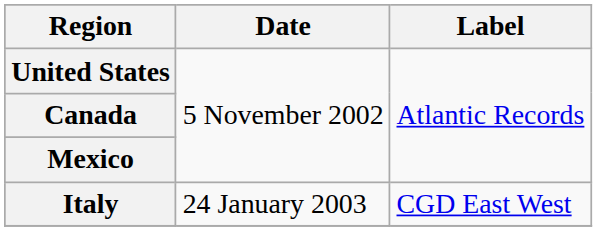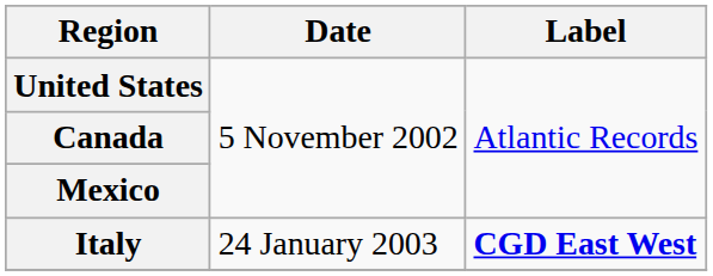 <table class="wikitable plainrowheaders">
 <tr>
 <th>Region</th>
 <th>Date</th>
 <th>Label</th>
 </tr>
 <tr>
 <th scope="row">United States</th>
 <td rowspan="3">5 November 2002</td>
 <td rowspan="3"><a href='#'>Atlantic Records</a></td>
 </tr>
 <tr>
 <th scope="row">Canada</th>
 </tr>
 <tr>
 <th scope="row">Mexico</th>
 </tr>
 <tr>
 <th scope="row">Italy</th>
 <td>24 January 2003</td>
-<td><a href='#'>CGD East West</a></td>
+<td><strong><a href='#'>CGD East West</a></strong></td>
 </tr>
 <tr>
 </tr>
 </table>
